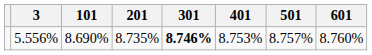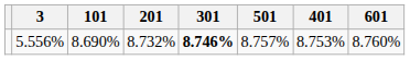 <table class="wikitable">
 <tr>
 <th></th>
 <th>3</th>
 <th>101</th>
 <th>201</th>
 <th>301</th>
+<th>501</th>
 <th>401</th>
-<th>501</th>
 <th>601</th>
 </tr>
 <tr>
 <td></td>
 <td>5.556%</td>
 <td>8.690%</td>
-<td>8.735%</td>
+<td>8.732%</td>
 <td><strong>8.746%</strong></td>
+<td>8.757%</td>
 <td>8.753%</td>
-<td>8.757%</td>
 <td>8.760%</td>
 </tr>
 </table>
